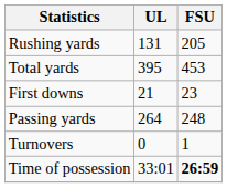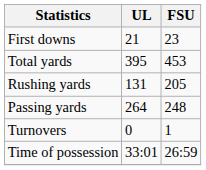 <table class="wikitable">
 <tr>
 <th>Statistics</th>
 <th>UL</th>
 <th>FSU</th>
 </tr>
 <tr>
-<td>Rushing yards</td>
-<td>131</td>
-<td>205</td>
+<td>First downs</td>
+<td>21</td>
+<td>23</td>
 </tr>
 <tr>
 <td>Total yards</td>
 <td>395</td>
 <td>453</td>
 </tr>
 <tr>
-<td>First downs</td>
-<td>21</td>
-<td>23</td>
+<td>Rushing yards</td>
+<td>131</td>
+<td>205</td>
 </tr>
 <tr>
 <td>Passing yards</td>
 <td>264</td>
 <td>248</td>
 </tr>
 <tr>
 <td>Turnovers</td>
 <td>0</td>
 <td>1</td>
 </tr>
 <tr>
 <td>Time of possession</td>
 <td>33:01</td>
-<td><strong>26:59</strong></td>
+<td>26:59</td>
 </tr>
 <tr>
 </tr>
 </table>
